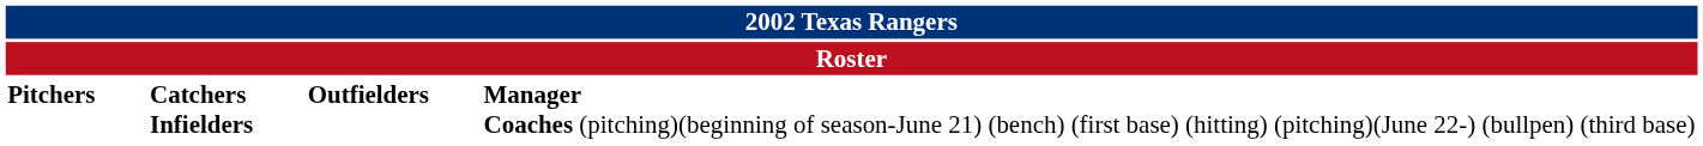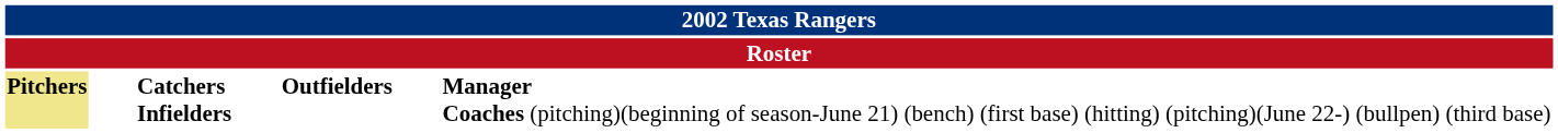 <table class="toccolours" style="font-size: 95%;">
 <tr>
 <th colspan="10" style="background-color: #003279; color: #FFFFFF; text-align: center;">2002 Texas Rangers</th>
 </tr>
 <tr>
 <td colspan="10" style="background-color: #bd1021; color: white; text-align: center;"><strong>Roster</strong></td>
 </tr>
 <tr>
-<td valign="top"><strong>Pitchers</strong><br>                         </td>
+<td valign="top" style="background: khaki;"><strong>Pitchers</strong><br>                         </td>
 <td width="25px"></td>
 <td valign="top"><strong>Catchers</strong><br>    <strong>Infielders</strong>        </td>
 <td width="25px"></td>
 <td valign="top"><strong>Outfielders</strong><br>           </td>
 <td width="25px"></td>
 <td valign="top"><strong>Manager</strong><br> <strong>Coaches</strong>  (pitching)(beginning of season-June 21)  (bench)  (first base)  (hitting)  (pitching)(June 22-)  (bullpen)  (third base)</td>
 </tr>
 </table>
